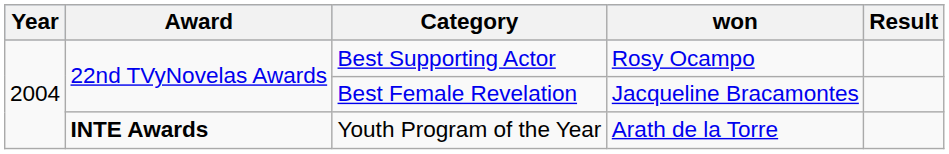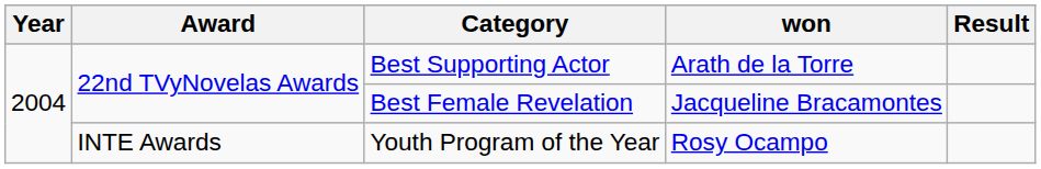 <table class="wikitable">
 <tr style="background:#b0c4de;">
 <th>Year</th>
 <th>Award</th>
 <th>Category</th>
 <th>won</th>
 <th>Result</th>
 </tr>
 <tr>
 <td rowspan=3>2004</td>
 <td rowspan=2><a href='#'>22nd TVyNovelas Awards</a></td>
 <td><a href='#'>Best Supporting Actor</a></td>
-<td><a href='#'>Rosy Ocampo</a></td>
+<td><a href='#'>Arath de la Torre</a></td>
 <td></td>
 </tr>
 <tr>
 <td><a href='#'>Best Female Revelation</a></td>
 <td><a href='#'>Jacqueline Bracamontes</a></td>
 <td></td>
 </tr>
 <tr>
-<td><strong>INTE Awards</strong></td>
+<td>INTE Awards</td>
 <td>Youth Program of the Year</td>
-<td><a href='#'>Arath de la Torre</a></td>
+<td><a href='#'>Rosy Ocampo</a></td>
 <td></td>
 </tr>
 </table>
